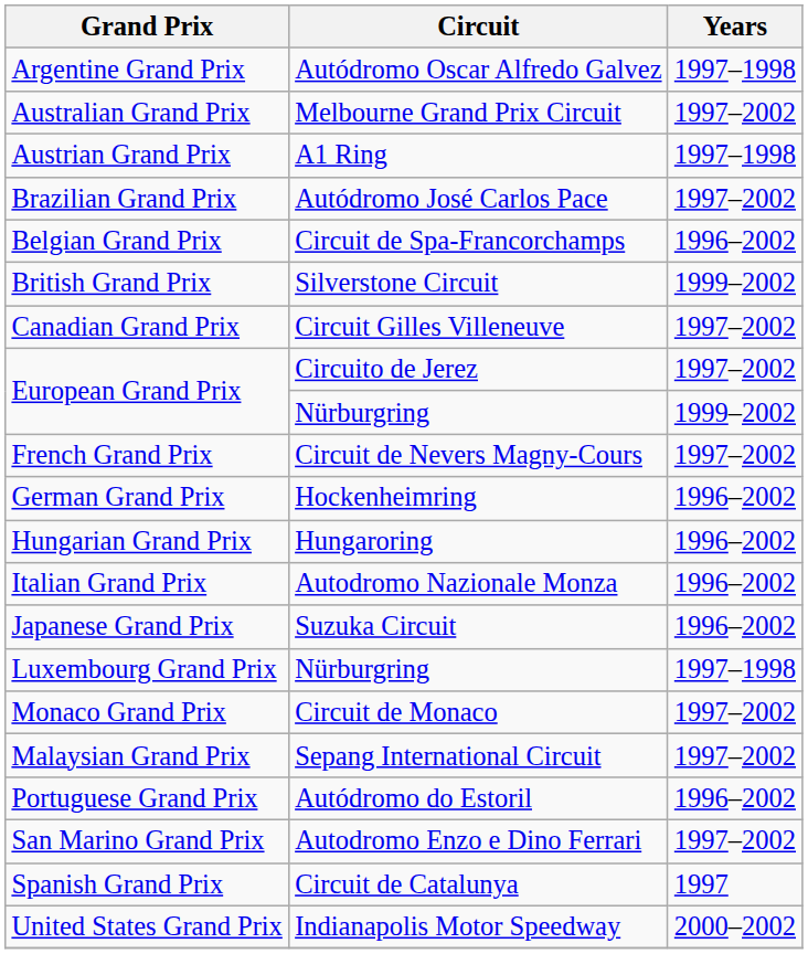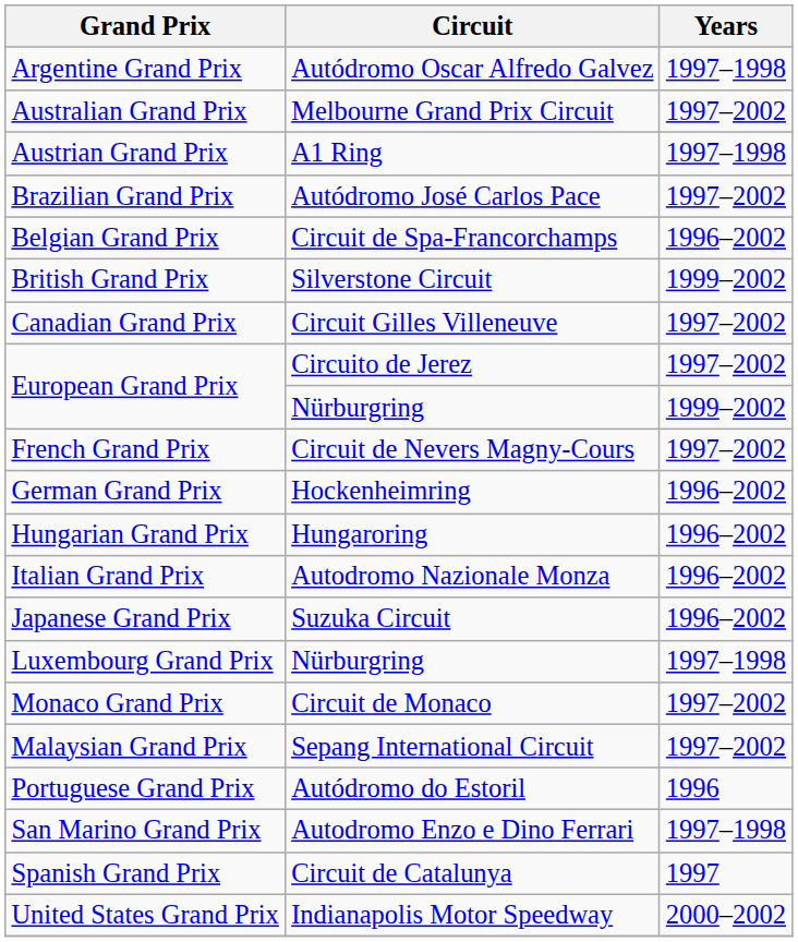 <table class="wikitable" style="align:left">
 <tr>
 <th>Grand Prix</th>
 <th>Circuit</th>
 <th>Years</th>
 </tr>
 <tr>
 <td> <a href='#'>Argentine Grand Prix</a></td>
 <td><a href='#'>Autódromo Oscar Alfredo Galvez</a></td>
 <td><a href='#'>1997</a>–<a href='#'>1998</a></td>
 </tr>
 <tr>
 <td> <a href='#'>Australian Grand Prix</a></td>
 <td><a href='#'>Melbourne Grand Prix Circuit</a></td>
 <td><a href='#'>1997</a>–<a href='#'>2002</a></td>
 </tr>
 <tr>
 <td> <a href='#'>Austrian Grand Prix</a></td>
 <td><a href='#'>A1 Ring</a></td>
 <td><a href='#'>1997</a>–<a href='#'>1998</a></td>
 </tr>
 <tr>
 <td> <a href='#'>Brazilian Grand Prix</a></td>
 <td><a href='#'>Autódromo José Carlos Pace</a></td>
 <td><a href='#'>1997</a>–<a href='#'>2002</a></td>
 </tr>
 <tr>
 <td> <a href='#'>Belgian Grand Prix</a></td>
 <td><a href='#'>Circuit de Spa-Francorchamps</a></td>
 <td><a href='#'>1996</a>–<a href='#'>2002</a></td>
 </tr>
 <tr>
 <td> <a href='#'>British Grand Prix</a></td>
 <td><a href='#'>Silverstone Circuit</a></td>
 <td><a href='#'>1999</a>–<a href='#'>2002</a></td>
 </tr>
 <tr>
 <td> <a href='#'>Canadian Grand Prix</a></td>
 <td><a href='#'>Circuit Gilles Villeneuve</a></td>
 <td><a href='#'>1997</a>–<a href='#'>2002</a></td>
 </tr>
 <tr>
 <td rowspan=2> <a href='#'>European Grand Prix</a></td>
 <td><a href='#'>Circuito de Jerez</a></td>
 <td><a href='#'>1997</a>–<a href='#'>2002</a></td>
 </tr>
 <tr>
 <td><a href='#'>Nürburgring</a></td>
 <td><a href='#'>1999</a>–<a href='#'>2002</a></td>
 </tr>
 <tr>
 <td> <a href='#'>French Grand Prix</a></td>
 <td><a href='#'>Circuit de Nevers Magny-Cours</a></td>
 <td><a href='#'>1997</a>–<a href='#'>2002</a></td>
 </tr>
 <tr>
 <td> <a href='#'>German Grand Prix</a></td>
 <td><a href='#'>Hockenheimring</a></td>
 <td><a href='#'>1996</a>–<a href='#'>2002</a></td>
 </tr>
 <tr>
 <td> <a href='#'>Hungarian Grand Prix</a></td>
 <td><a href='#'>Hungaroring</a></td>
 <td><a href='#'>1996</a>–<a href='#'>2002</a></td>
 </tr>
 <tr>
 <td> <a href='#'>Italian Grand Prix</a></td>
 <td><a href='#'>Autodromo Nazionale Monza</a></td>
 <td><a href='#'>1996</a>–<a href='#'>2002</a></td>
 </tr>
 <tr>
 <td> <a href='#'>Japanese Grand Prix</a></td>
 <td><a href='#'>Suzuka Circuit</a></td>
 <td><a href='#'>1996</a>–<a href='#'>2002</a></td>
 </tr>
 <tr>
 <td> <a href='#'>Luxembourg Grand Prix</a></td>
 <td><a href='#'>Nürburgring</a></td>
 <td><a href='#'>1997</a>–<a href='#'>1998</a></td>
 </tr>
 <tr>
 <td> <a href='#'>Monaco Grand Prix</a></td>
 <td><a href='#'>Circuit de Monaco</a></td>
 <td><a href='#'>1997</a>–<a href='#'>2002</a></td>
 </tr>
 <tr>
 <td> <a href='#'>Malaysian Grand Prix</a></td>
 <td><a href='#'>Sepang International Circuit</a></td>
 <td><a href='#'>1997</a>–<a href='#'>2002</a></td>
 </tr>
 <tr>
 <td> <a href='#'>Portuguese Grand Prix</a></td>
 <td><a href='#'>Autódromo do Estoril</a></td>
-<td><a href='#'>1996</a>–<a href='#'>2002</a></td>
+<td><a href='#'>1996</a></td>
 </tr>
 <tr>
 <td> <a href='#'>San Marino Grand Prix</a></td>
 <td><a href='#'>Autodromo Enzo e Dino Ferrari</a></td>
-<td><a href='#'>1997</a>–<a href='#'>2002</a></td>
+<td><a href='#'>1997</a>–<a href='#'>1998</a></td>
 </tr>
 <tr>
 <td> <a href='#'>Spanish Grand Prix</a></td>
 <td><a href='#'>Circuit de Catalunya</a></td>
 <td><a href='#'>1997</a></td>
 </tr>
 <tr>
 <td> <a href='#'>United States Grand Prix</a></td>
 <td><a href='#'>Indianapolis Motor Speedway</a></td>
 <td><a href='#'>2000</a>–<a href='#'>2002</a></td>
 </tr>
 <tr>
 </tr>
 </table>
